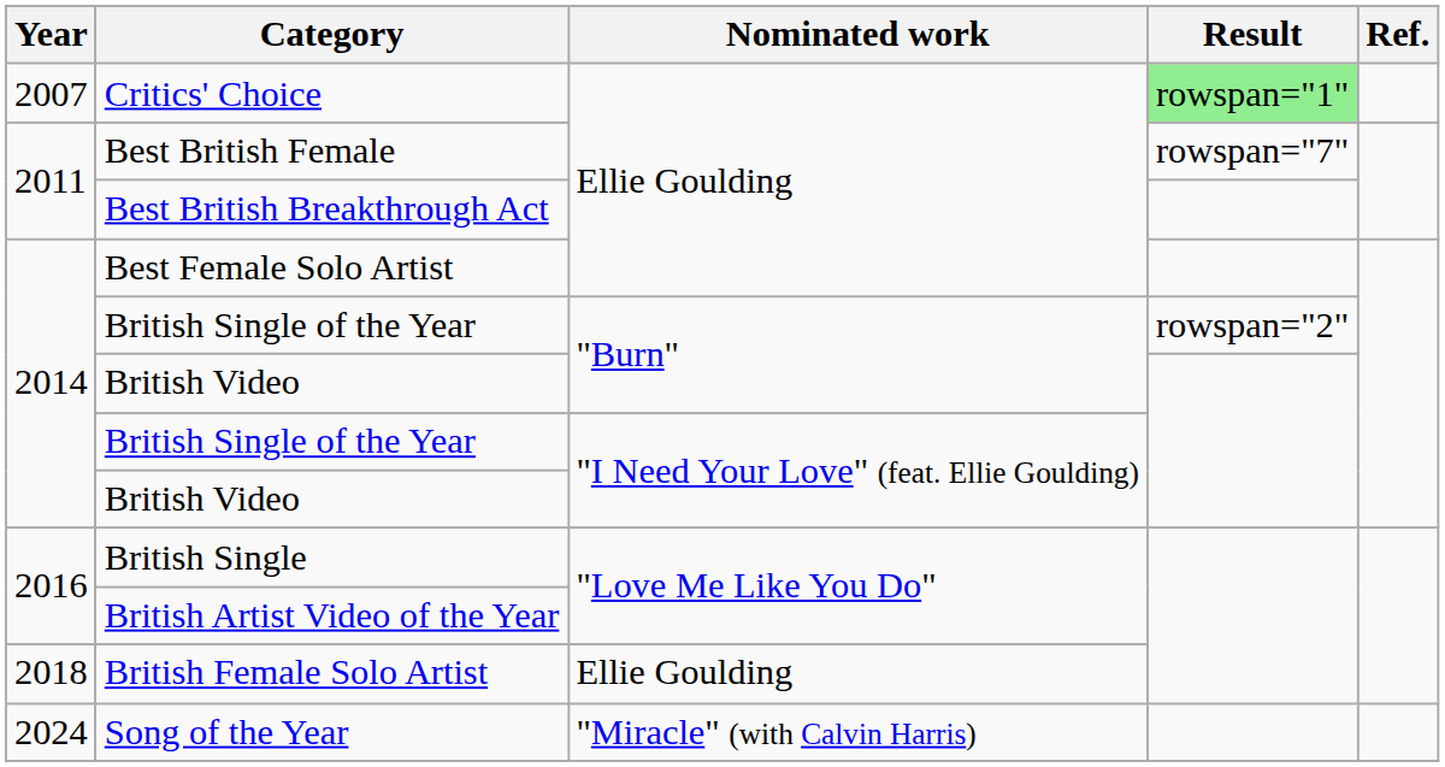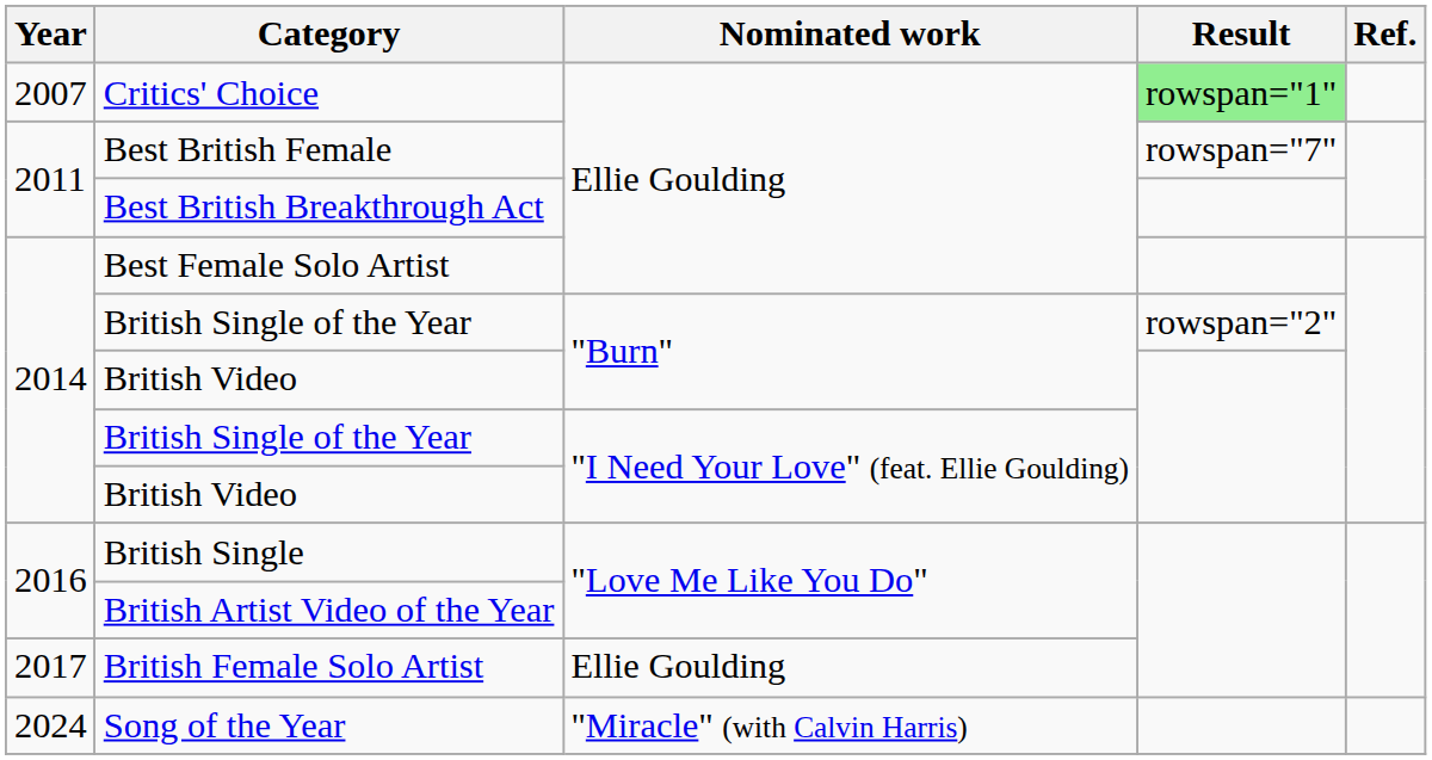 <table class="wikitable">
 <tr>
 <th>Year</th>
 <th>Category</th>
 <th>Nominated work</th>
 <th>Result</th>
 <th>Ref.</th>
 </tr>
 <tr>
 <td>2007</td>
 <td><a href='#'>Critics' Choice</a></td>
 <td rowspan="4">Ellie Goulding</td>
 <td style="background: lightgreen;">rowspan="1" </td>
 <td></td>
 </tr>
 <tr>
 <td rowspan="2">2011</td>
 <td>Best British Female</td>
 <td>rowspan="7" </td>
 <td rowspan="2"></td>
 </tr>
 <tr>
 <td><a href='#'>Best British Breakthrough Act</a></td>
 </tr>
 <tr>
 <td rowspan="5">2014</td>
 <td>Best Female Solo Artist</td>
 <td></td>
 <td rowspan="5"></td>
 </tr>
 <tr>
 <td>British Single of the Year</td>
 <td rowspan="2">"<a href='#'>Burn</a>"</td>
 <td>rowspan="2" </td>
 </tr>
 <tr>
 <td>British Video</td>
 </tr>
 <tr>
 <td><a href='#'>British Single of the Year</a></td>
 <td rowspan="2">"<a href='#'>I Need Your Love</a>" <small>(feat. Ellie Goulding)</small></td>
 </tr>
 <tr>
 <td>British Video</td>
 </tr>
 <tr>
 <td rowspan="2">2016</td>
 <td>British Single</td>
 <td rowspan="2">"<a href='#'>Love Me Like You Do</a>"</td>
 <td rowspan="3"></td>
 </tr>
 <tr>
 <td><a href='#'>British Artist Video of the Year</a></td>
 </tr>
 <tr>
-<td>2018</td>
+<td>2017</td>
 <td><a href='#'>British Female Solo Artist</a></td>
 <td>Ellie Goulding</td>
 </tr>
 <tr>
 <td>2024</td>
 <td><a href='#'>Song of the Year</a></td>
 <td>"<a href='#'>Miracle</a>" <small>(with <a href='#'>Calvin Harris</a>)</small></td>
 <td></td>
 <td></td>
 </tr>
 </table>
